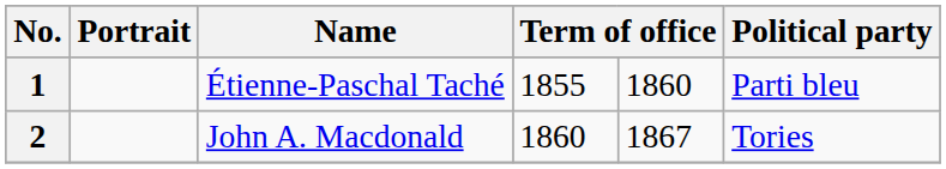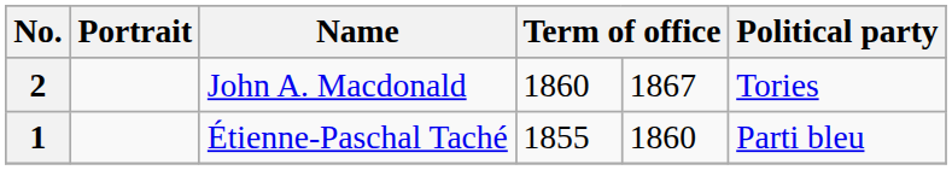 <table class="wikitable">
 <tr>
 <th>No.</th>
 <th>Portrait</th>
 <th>Name</th>
 <th colspan=2>Term of office</th>
 <th>Political party</th>
+</tr>
+<tr>
+<th style="background:">2</th>
+<td></td>
+<td><a href='#'>John A. Macdonald</a></td>
+<td>1860</td>
+<td>1867</td>
+<td><a href='#'>Tories</a></td>
 </tr>
 <tr>
 <th style="background:">1</th>
 <td></td>
 <td><a href='#'>Étienne-Paschal Taché</a></td>
 <td>1855</td>
 <td>1860</td>
 <td><a href='#'>Parti bleu</a></td>
 </tr>
 <tr>
-<th style="background:">2</th>
-<td></td>
-<td><a href='#'>John A. Macdonald</a></td>
-<td>1860</td>
-<td>1867</td>
-<td><a href='#'>Tories</a></td>
-</tr>
-<tr>
 </tr>
 </table>
